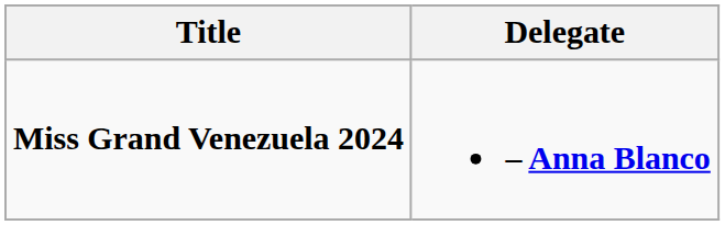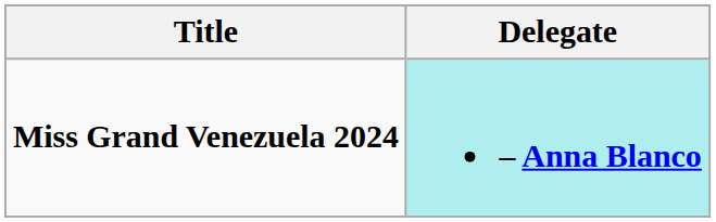 <table class="wikitable sortable" style="font-size: 95%;">
 <tr>
 <th>Title</th>
 <th>Delegate</th>
 </tr>
 <tr>
 <td><strong>Miss Grand Venezuela 2024</strong></td>
-<td><br><ul><li><strong> – <a href='#'>Anna Blanco</a></strong></li></ul></td>
+<td style="background: paleturquoise;"><br><ul><li><strong> – <a href='#'>Anna Blanco</a></strong></li></ul></td>
 </tr>
 </table>
